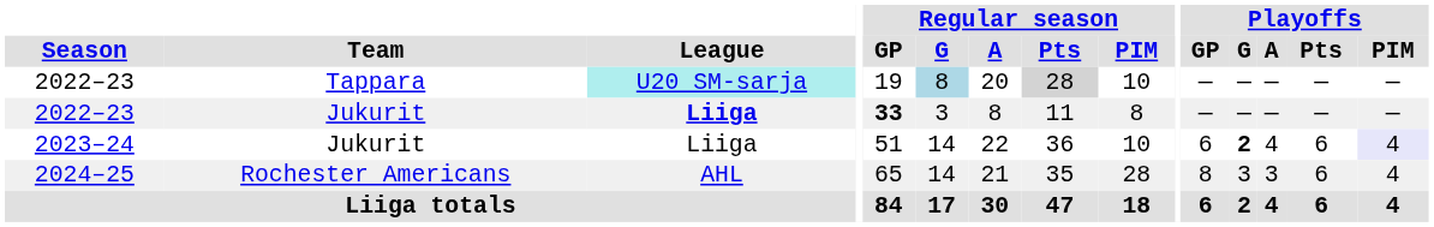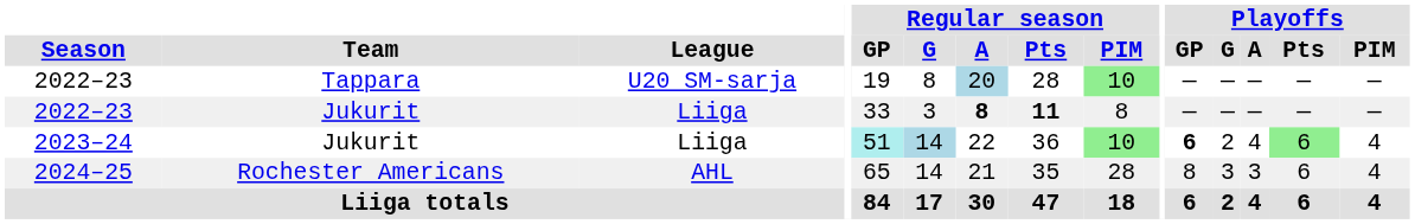 <table border="0" cellpadding="1" cellspacing="0" style="text-align:center; width:60em">
 <tr bgcolor="#e0e0e0">
 <th colspan="3" bgcolor="#ffffff"></th>
 <th rowspan="99" bgcolor="#ffffff"></th>
 <th colspan="5"><a href='#'>Regular season</a></th>
 <th rowspan="99" bgcolor="#ffffff"></th>
 <th colspan="5"><a href='#'>Playoffs</a></th>
 </tr>
 <tr bgcolor="#e0e0e0">
 <th><a href='#'>Season</a></th>
 <th>Team</th>
 <th>League</th>
 <th>GP</th>
 <th><a href='#'>G</a></th>
 <th><a href='#'>A</a></th>
 <th><a href='#'>Pts</a></th>
 <th><a href='#'>PIM</a></th>
 <th>GP</th>
 <th>G</th>
 <th>A</th>
 <th>Pts</th>
 <th>PIM</th>
 </tr>
 <tr>
 <td>2022–23</td>
 <td><a href='#'>Tappara</a></td>
-<td style="background: paleturquoise;"><a href='#'>U20 SM-sarja</a></td>
+<td><a href='#'>U20 SM-sarja</a></td>
 <td>19</td>
-<td style="background: lightblue;">8</td>
-<td>20</td>
-<td style="background: lightgrey;">28</td>
-<td>10</td>
+<td>8</td>
+<td style="background: lightblue;">20</td>
+<td>28</td>
+<td style="background: lightgreen;">10</td>
 <td>—</td>
 <td>—</td>
 <td>—</td>
 <td>—</td>
 <td>—</td>
 </tr>
 <tr bgcolor="f0f0f0">
 <td><a href='#'>2022–23</a></td>
 <td><a href='#'>Jukurit</a></td>
-<td><strong><a href='#'>Liiga</a></strong></td>
-<td><strong>33</strong></td>
+<td><a href='#'>Liiga</a></td>
+<td>33</td>
 <td>3</td>
-<td>8</td>
-<td>11</td>
+<td><strong>8</strong></td>
+<td><strong>11</strong></td>
 <td>8</td>
 <td>—</td>
 <td>—</td>
 <td>—</td>
 <td>—</td>
 <td>—</td>
 </tr>
 <tr>
 <td><a href='#'>2023–24</a></td>
 <td>Jukurit</td>
 <td>Liiga</td>
-<td>51</td>
-<td>14</td>
+<td style="background: paleturquoise;">51</td>
+<td style="background: lightblue;">14</td>
 <td>22</td>
 <td>36</td>
-<td>10</td>
-<td>6</td>
-<td><strong>2</strong></td>
+<td style="background: lightgreen;">10</td>
+<td><strong>6</strong></td>
+<td>2</td>
 <td>4</td>
-<td>6</td>
-<td style="background: lavender;">4</td>
+<td style="background: lightgreen;">6</td>
+<td>4</td>
 </tr>
 <tr bgcolor="f0f0f0">
 <td><a href='#'>2024–25</a></td>
 <td><a href='#'>Rochester Americans</a></td>
 <td><a href='#'>AHL</a></td>
 <td>65</td>
 <td>14</td>
 <td>21</td>
 <td>35</td>
 <td>28</td>
 <td>8</td>
 <td>3</td>
 <td>3</td>
 <td>6</td>
 <td>4</td>
 </tr>
 <tr bgcolor="#e0e0e0">
 <th colspan="3">Liiga totals</th>
 <th>84</th>
 <th>17</th>
 <th>30</th>
 <th>47</th>
 <th>18</th>
 <th>6</th>
 <th>2</th>
 <th>4</th>
 <th>6</th>
 <th>4</th>
 </tr>
 </table>
